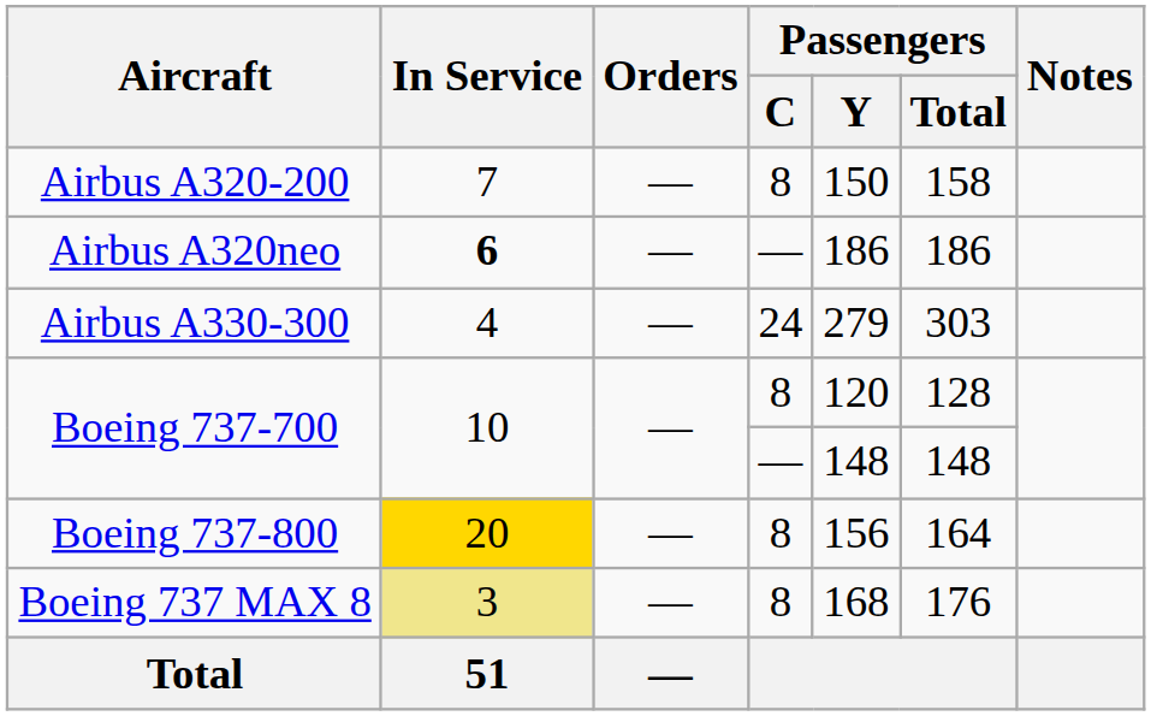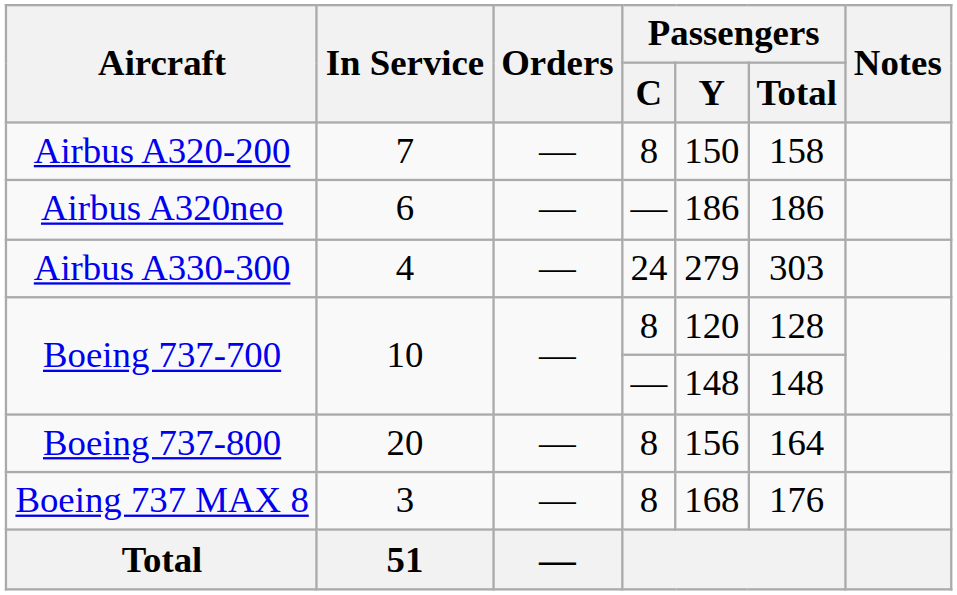 <table class="wikitable" style="margin:1em auto; text-align:center">
 <tr>
 <th rowspan=2>Aircraft</th>
 <th rowspan=2>In Service</th>
 <th rowspan=2>Orders</th>
 <th colspan=3>Passengers</th>
 <th rowspan=2>Notes</th>
 </tr>
 <tr>
 <th><abbr>C</abbr></th>
 <th><abbr>Y</abbr></th>
 <th>Total</th>
 </tr>
 <tr>
 <td><a href='#'>Airbus A320-200</a></td>
 <td>7</td>
 <td>—</td>
 <td>8</td>
 <td>150</td>
 <td>158</td>
 <td></td>
 </tr>
 <tr>
 <td><a href='#'>Airbus A320neo</a></td>
-<td><strong>6</strong></td>
+<td>6</td>
 <td>—</td>
 <td>—</td>
 <td>186</td>
 <td>186</td>
 <td></td>
 </tr>
 <tr>
 <td><a href='#'>Airbus A330-300</a></td>
 <td>4</td>
 <td>—</td>
 <td>24</td>
 <td>279</td>
 <td>303</td>
 <td></td>
 </tr>
 <tr>
 <td rowspan="2"><a href='#'>Boeing 737-700</a></td>
 <td rowspan="2">10</td>
 <td rowspan="2">—</td>
 <td>8</td>
 <td>120</td>
 <td>128</td>
 <td rowspan="2"></td>
 </tr>
 <tr>
 <td>—</td>
 <td>148</td>
 <td>148</td>
 </tr>
 <tr>
 <td><a href='#'>Boeing 737-800</a></td>
-<td style="background: gold;">20</td>
+<td>20</td>
 <td>—</td>
 <td>8</td>
 <td>156</td>
 <td>164</td>
 <td></td>
 </tr>
 <tr>
 <td><a href='#'>Boeing 737 MAX 8</a></td>
-<td style="background: khaki;">3</td>
+<td>3</td>
 <td>—</td>
 <td>8</td>
 <td>168</td>
 <td>176</td>
 <td></td>
 </tr>
 <tr>
 <th>Total</th>
 <th>51</th>
 <th>—</th>
 <th colspan=3></th>
 <th></th>
 </tr>
 </table>
